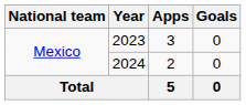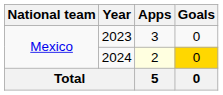 <table class="wikitable" style="text-align: center;">
 <tr>
 <th>National team</th>
 <th>Year</th>
 <th>Apps</th>
 <th>Goals</th>
 </tr>
 <tr>
 <td rowspan="2" valign="center"><a href='#'>Mexico</a></td>
 <td>2023</td>
 <td>3</td>
 <td>0</td>
 </tr>
 <tr>
 <td>2024</td>
-<td>2</td>
-<td>0</td>
+<td style="background: lightyellow;">2</td>
+<td style="background: gold;">0</td>
 </tr>
 <tr>
 <th colspan="2">Total</th>
 <th>5</th>
 <th>0</th>
 </tr>
 </table>
